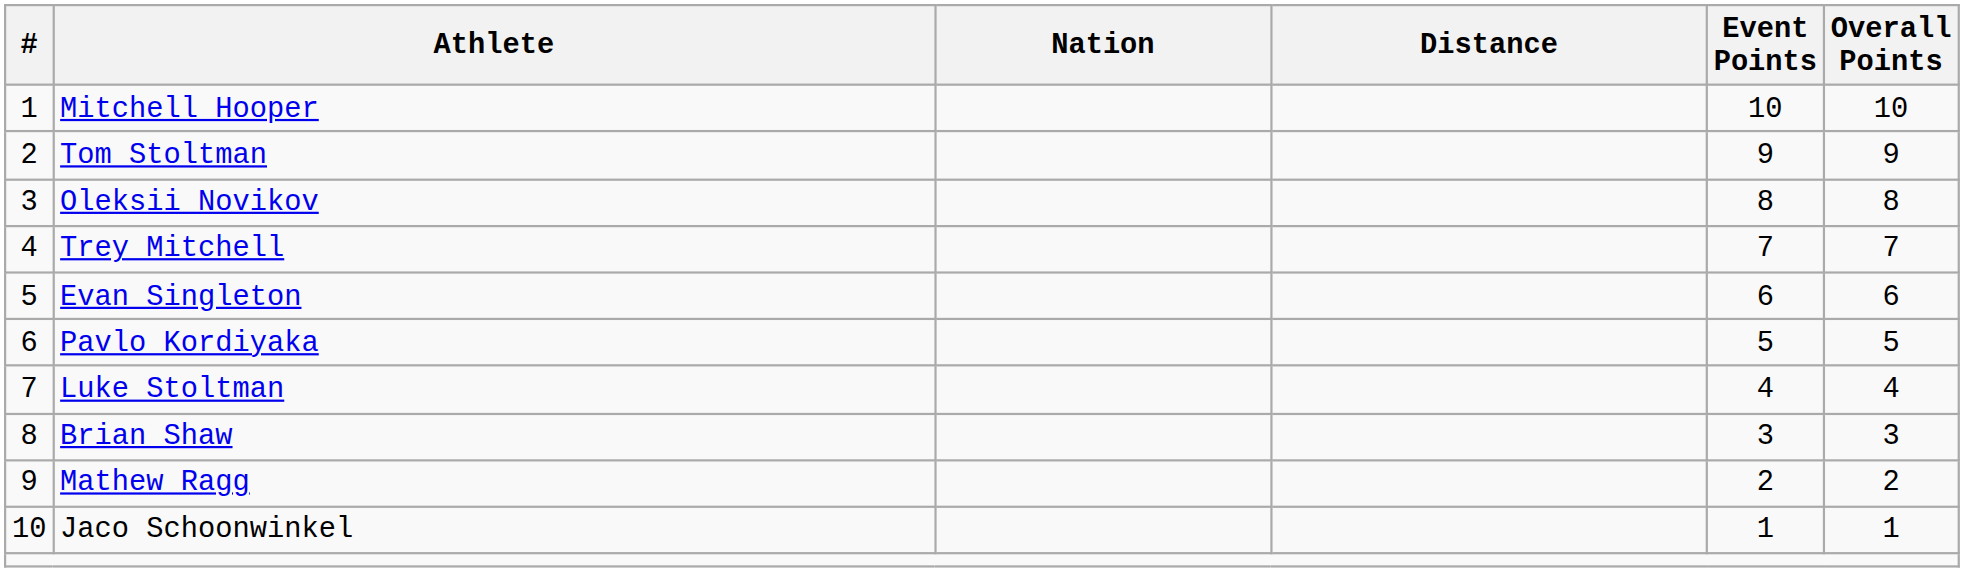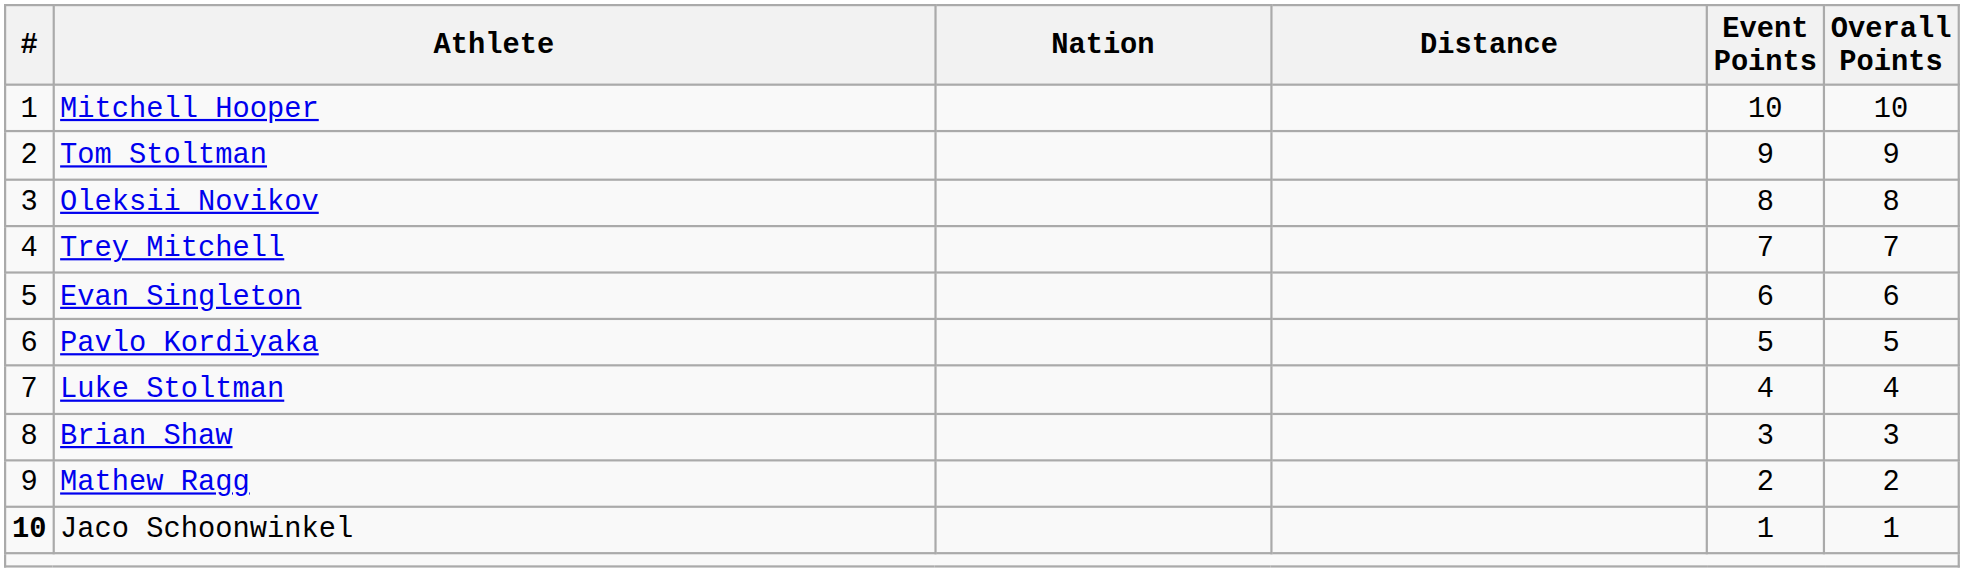 <table class="wikitable sortable" style="text-align:center;width: 70%;">
 <tr>
 <th scope="col" style="width: 10px;">#</th>
 <th scope="col">Athlete</th>
 <th scope="col">Nation</th>
 <th scope="col">Distance</th>
 <th scope="col" style="width: 10px;">Event Points</th>
 <th scope="col" style="width: 10px;">Overall Points</th>
 </tr>
 <tr>
 <td>1</td>
 <td align=left><a href='#'>Mitchell Hooper</a></td>
 <td align=left></td>
 <td></td>
 <td>10</td>
 <td>10</td>
 </tr>
 <tr>
 <td>2</td>
 <td align=left><a href='#'>Tom Stoltman</a></td>
 <td align=left></td>
 <td></td>
 <td>9</td>
 <td>9</td>
 </tr>
 <tr>
 <td>3</td>
 <td align=left><a href='#'>Oleksii Novikov</a></td>
 <td align=left></td>
 <td></td>
 <td>8</td>
 <td>8</td>
 </tr>
 <tr>
 <td>4</td>
 <td align=left><a href='#'>Trey Mitchell</a></td>
 <td align=left></td>
 <td></td>
 <td>7</td>
 <td>7</td>
 </tr>
 <tr>
 <td>5</td>
 <td align=left><a href='#'>Evan Singleton</a></td>
 <td align=left></td>
 <td></td>
 <td>6</td>
 <td>6</td>
 </tr>
 <tr>
 <td>6</td>
 <td align=left><a href='#'>Pavlo Kordiyaka</a></td>
 <td align=left></td>
 <td></td>
 <td>5</td>
 <td>5</td>
 </tr>
 <tr>
 <td>7</td>
 <td align=left><a href='#'>Luke Stoltman</a></td>
 <td align=left></td>
 <td></td>
 <td>4</td>
 <td>4</td>
 </tr>
 <tr>
 <td>8</td>
 <td align=left><a href='#'>Brian Shaw</a></td>
 <td align=left></td>
 <td></td>
 <td>3</td>
 <td>3</td>
 </tr>
 <tr>
 <td>9</td>
 <td align=left><a href='#'>Mathew Ragg</a></td>
 <td align=left></td>
 <td></td>
 <td>2</td>
 <td>2</td>
 </tr>
 <tr>
-<td>10</td>
+<td><strong>10</strong></td>
 <td align=left>Jaco Schoonwinkel</td>
 <td align=left></td>
 <td></td>
 <td>1</td>
 <td>1</td>
 </tr>
 <tr class="sortbottom">
 <td colspan="6"></td>
 </tr>
 </table>
